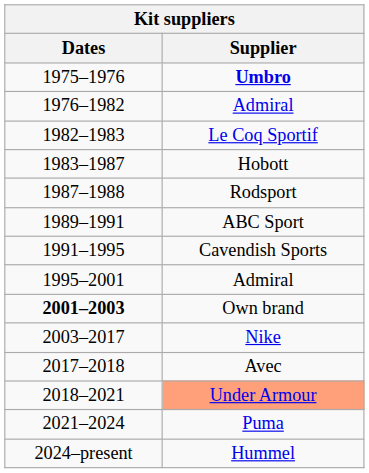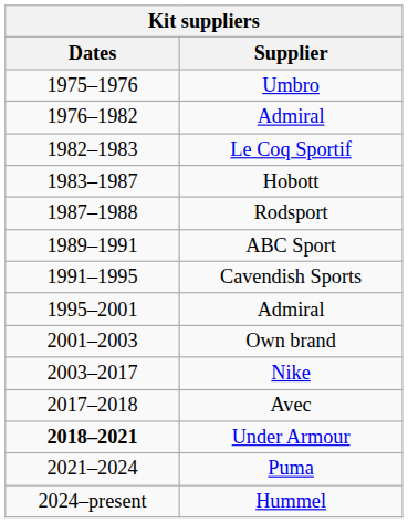 <table class="wikitable collapsible collapsed plainrowheaders" style="width: 25%; text-align: center; margin-left:1em; float: left">
 <tr>
 <th colspan="3">Kit suppliers</th>
 </tr>
 <tr>
 <th scope="col">Dates</th>
 <th scope="col">Supplier</th>
 </tr>
 <tr>
 <td scope="row">1975–1976</td>
-<td><strong><a href='#'>Umbro</a></strong></td>
+<td><a href='#'>Umbro</a></td>
 </tr>
 <tr>
 <td scope="row">1976–1982</td>
 <td><a href='#'>Admiral</a></td>
 </tr>
 <tr>
 <td scope="row">1982–1983</td>
 <td><a href='#'>Le Coq Sportif</a></td>
 </tr>
 <tr>
 <td scope="row">1983–1987</td>
 <td>Hobott</td>
 </tr>
 <tr>
 <td scope="row">1987–1988</td>
 <td>Rodsport</td>
 </tr>
 <tr>
 <td scope="row">1989–1991</td>
 <td>ABC Sport</td>
 </tr>
 <tr>
 <td scope="row">1991–1995</td>
 <td>Cavendish Sports</td>
 </tr>
 <tr>
 <td scope="row">1995–2001</td>
 <td>Admiral</td>
 </tr>
 <tr>
-<td scope="row"><strong>2001–2003</strong></td>
+<td scope="row">2001–2003</td>
 <td>Own brand</td>
 </tr>
 <tr>
 <td scope="row">2003–2017</td>
 <td><a href='#'>Nike</a></td>
 </tr>
 <tr>
 <td scope="row">2017–2018</td>
 <td>Avec</td>
 </tr>
 <tr>
-<td scope="row">2018–2021</td>
-<td style="background: lightsalmon;"><a href='#'>Under Armour</a></td>
+<td scope="row"><strong>2018–2021</strong></td>
+<td><a href='#'>Under Armour</a></td>
 </tr>
 <tr>
 <td scope="row">2021–2024</td>
 <td><a href='#'>Puma</a></td>
 </tr>
 <tr>
 <td scope="row">2024–present</td>
 <td><a href='#'>Hummel</a></td>
 </tr>
 </table>
